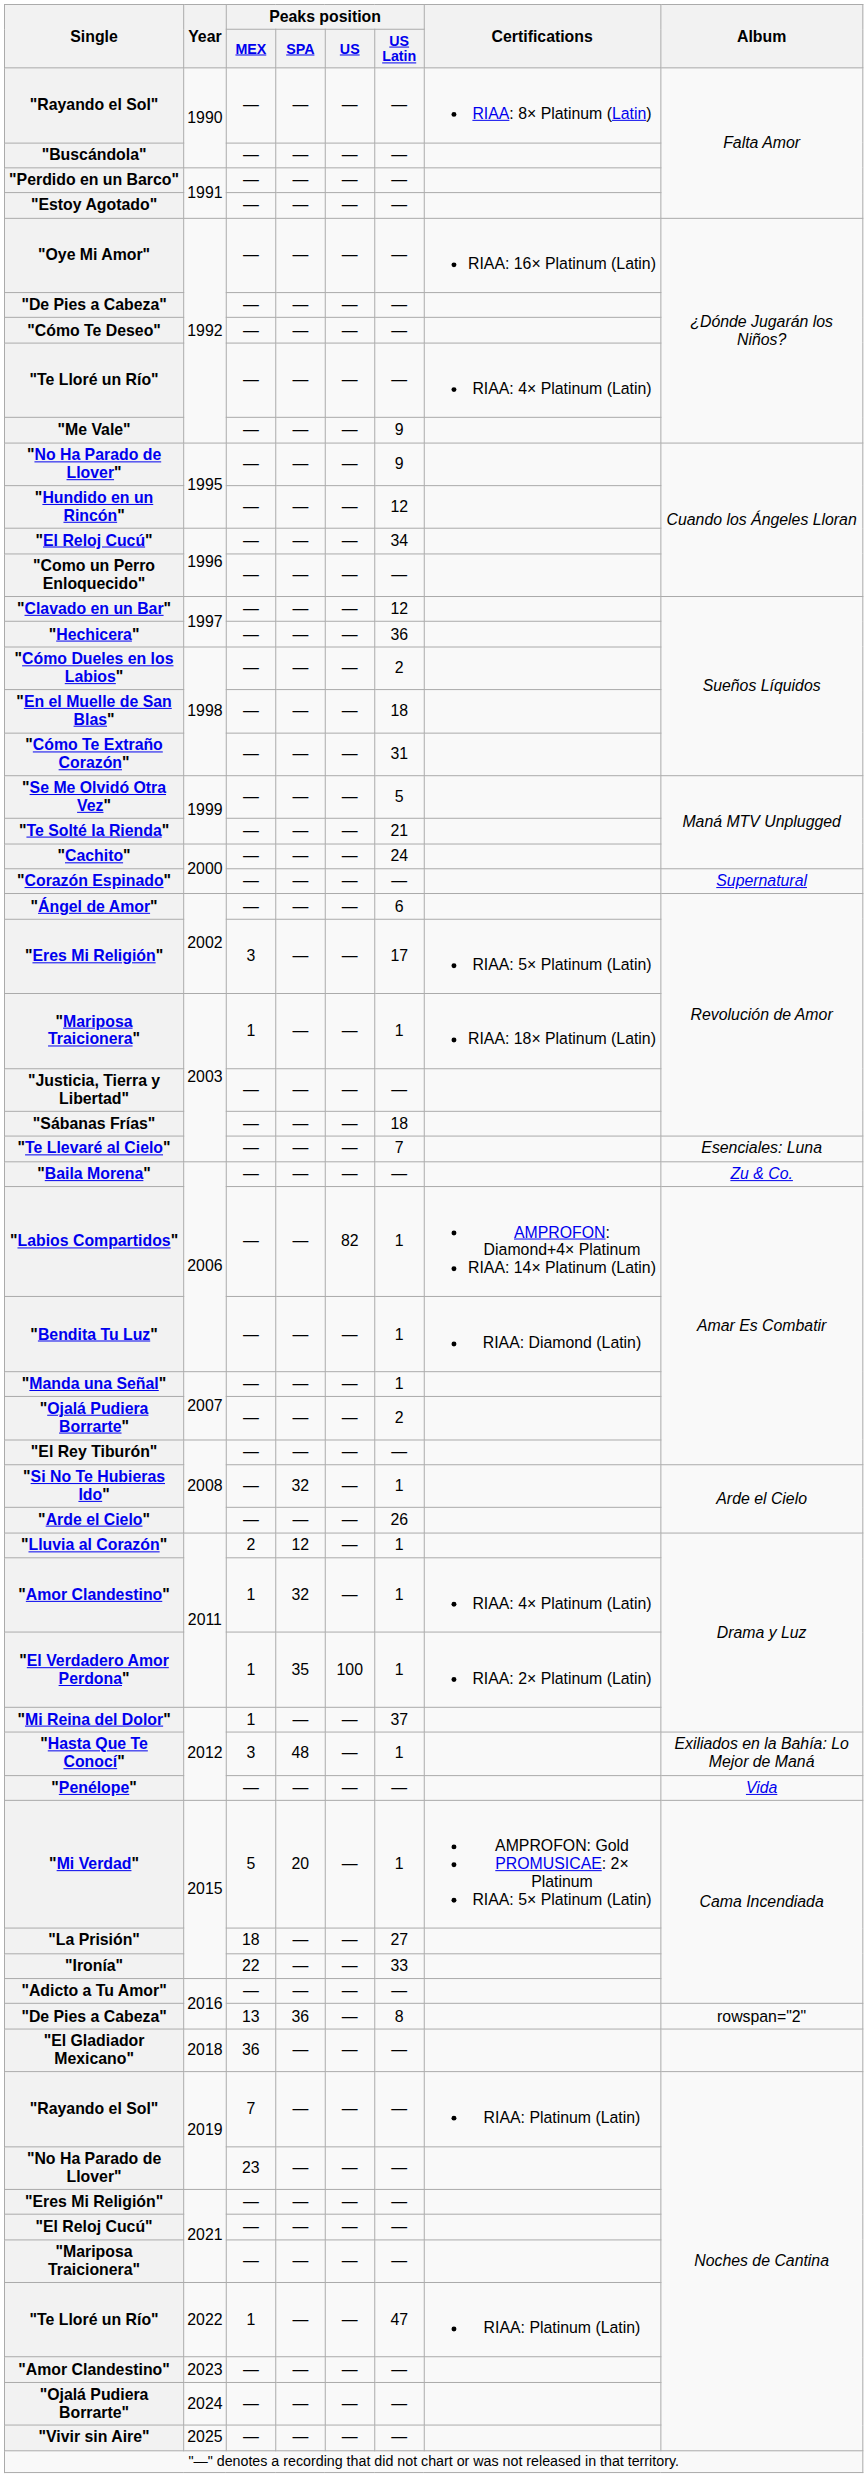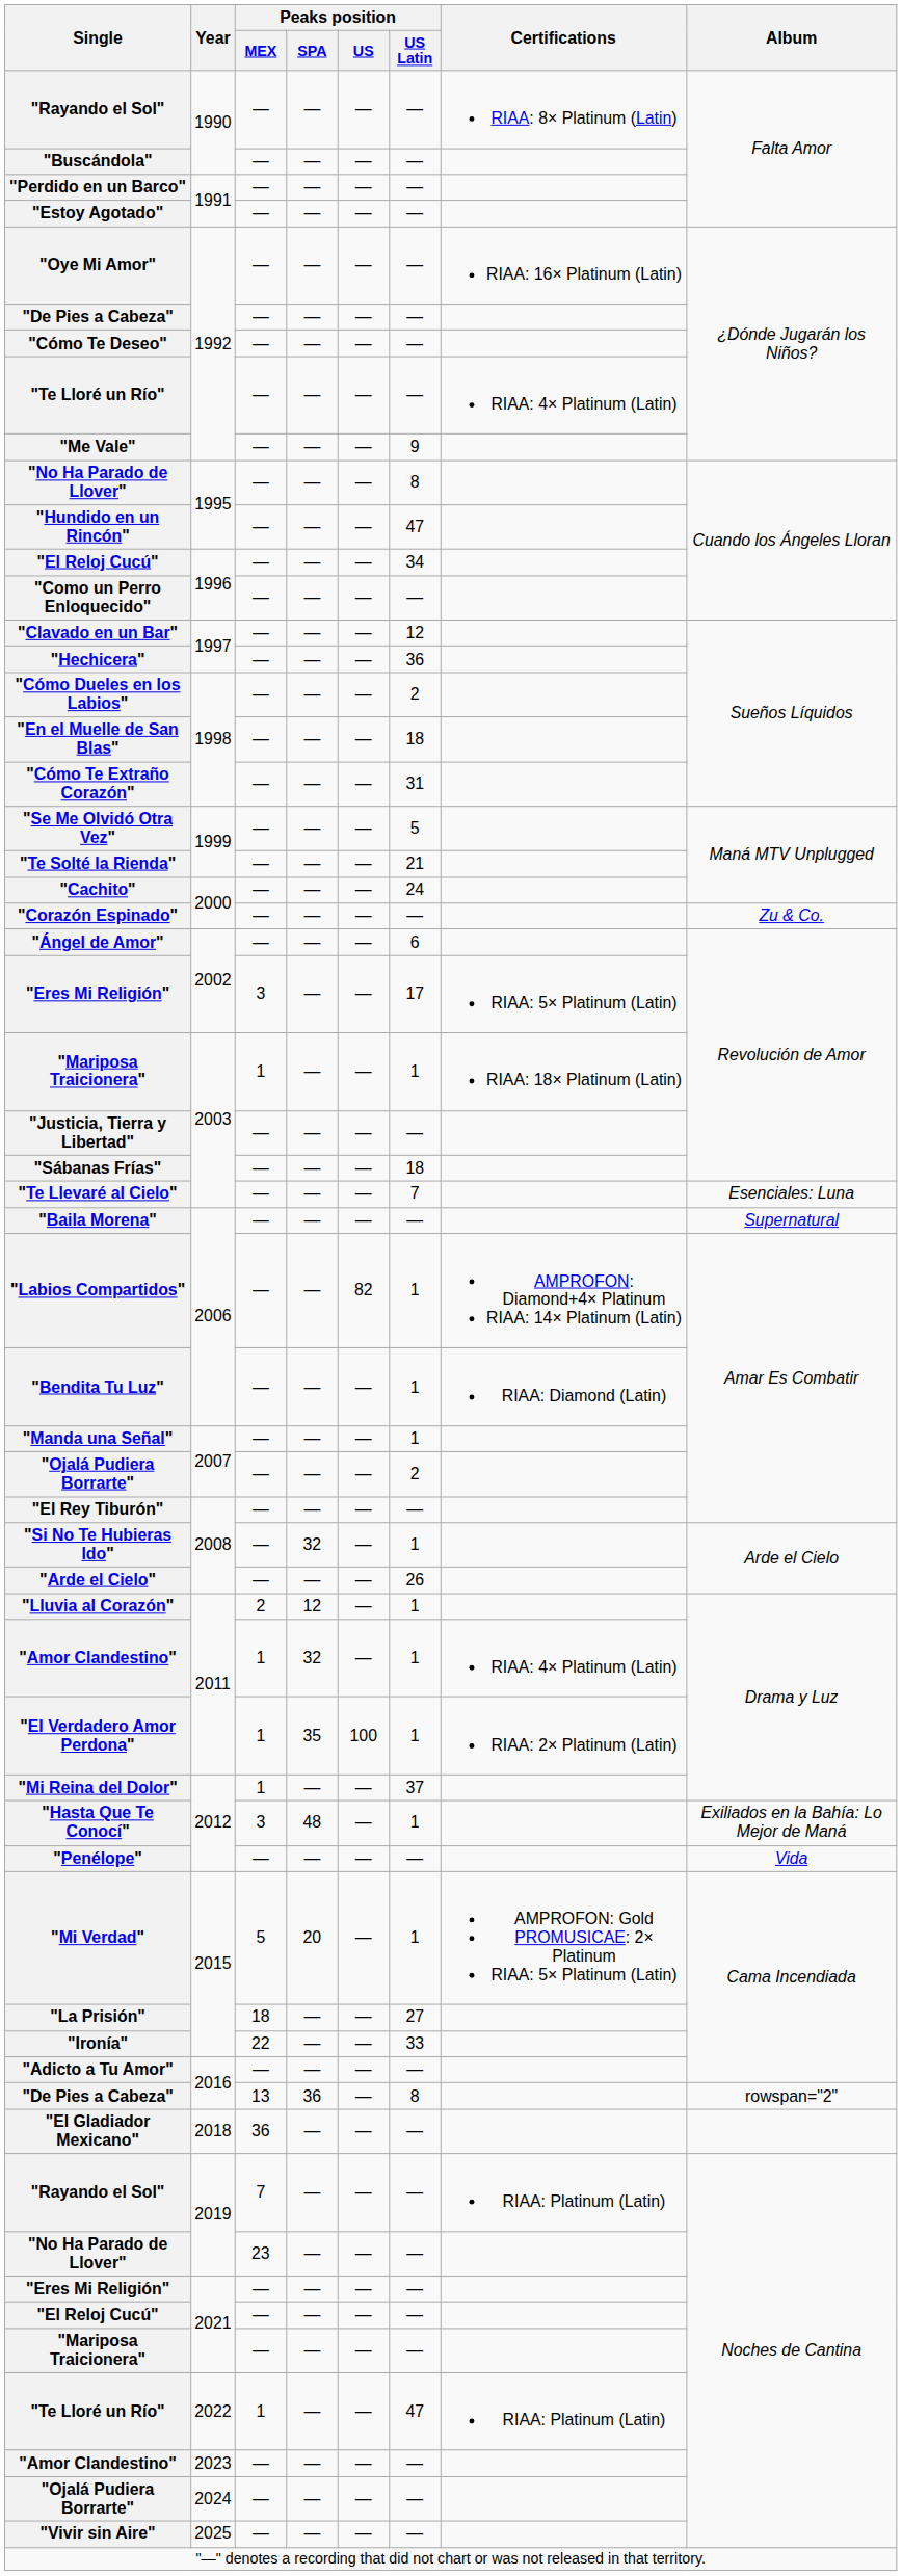 <table class="wikitable plainrowheaders" style="text-align:center;">
 <tr>
 <th align="center" rowspan="2">Single</th>
 <th align="center" rowspan="2">Year</th>
 <th align="center" colspan="4">Peaks position</th>
 <th align="center" rowspan="2">Certifications</th>
 <th align="center" rowspan="2">Album</th>
 </tr>
 <tr>
 <th style="width:3em;font-size:90%;"><a href='#'>MEX</a><br></th>
 <th style="width:3em;font-size:90%;"><a href='#'>SPA</a><br></th>
 <th style="width:3em;font-size:90%;"><a href='#'>US</a><br></th>
 <th style="width:3em;font-size:90%;"><a href='#'>US Latin</a><br></th>
 </tr>
 <tr>
 <th scope="row">"Rayando el Sol"</th>
 <td align="center" rowspan="2">1990</td>
 <td>—</td>
 <td>—</td>
 <td>—</td>
 <td>—</td>
 <td><br><ul><li><a href='#'>RIAA</a>: 8× Platinum (<a href='#'>Latin</a>)</li></ul></td>
 <td align="center" rowspan="4"><em>Falta Amor</em></td>
 </tr>
 <tr>
 <th scope="row">"Buscándola"</th>
 <td>—</td>
 <td>—</td>
 <td>—</td>
 <td>—</td>
 <td></td>
 </tr>
 <tr>
 <th scope="row">"Perdido en un Barco"</th>
 <td align="center" rowspan="2">1991</td>
 <td>—</td>
 <td>—</td>
 <td>—</td>
 <td>—</td>
 <td></td>
 </tr>
 <tr>
 <th scope="row">"Estoy Agotado"</th>
 <td>—</td>
 <td>—</td>
 <td>—</td>
 <td>—</td>
 <td></td>
 </tr>
 <tr>
 <th scope="row">"Oye Mi Amor"</th>
 <td align="center" rowspan="5">1992</td>
 <td>—</td>
 <td>—</td>
 <td>—</td>
 <td>—</td>
 <td><br><ul><li>RIAA: 16× Platinum (Latin)</li></ul></td>
 <td align="center" rowspan="5"><em>¿Dónde Jugarán los Niños?</em></td>
 </tr>
 <tr>
 <th scope="row">"De Pies a Cabeza"</th>
 <td>—</td>
 <td>—</td>
 <td>—</td>
 <td>—</td>
 <td></td>
 </tr>
 <tr>
 <th scope="row">"Cómo Te Deseo"</th>
 <td>—</td>
 <td>—</td>
 <td>—</td>
 <td>—</td>
 <td></td>
 </tr>
 <tr>
 <th scope="row">"Te Lloré un Río"</th>
 <td>—</td>
 <td>—</td>
 <td>—</td>
 <td>—</td>
 <td><br><ul><li>RIAA: 4× Platinum (Latin)</li></ul></td>
 </tr>
 <tr>
 <th scope="row">"Me Vale"</th>
 <td>—</td>
 <td>—</td>
 <td>—</td>
 <td>9</td>
 <td></td>
 </tr>
 <tr>
 <th scope="row">"<a href='#'>No Ha Parado de Llover</a>"</th>
 <td rowspan="2">1995</td>
 <td>—</td>
 <td>—</td>
 <td>—</td>
-<td>9</td>
+<td>8</td>
 <td></td>
 <td align="center" rowspan="4"><em>Cuando los Ángeles Lloran</em></td>
 </tr>
 <tr>
 <th scope="row">"<a href='#'>Hundido en un Rincón</a>"</th>
 <td>—</td>
 <td>—</td>
 <td>—</td>
-<td>12</td>
+<td>47</td>
 <td></td>
 </tr>
 <tr>
 <th scope="row">"<a href='#'>El Reloj Cucú</a>"</th>
 <td align="center" rowspan="2">1996</td>
 <td>—</td>
 <td>—</td>
 <td>—</td>
 <td>34</td>
 <td></td>
 </tr>
 <tr>
 <th scope="row">"Como un Perro Enloquecido"</th>
 <td>—</td>
 <td>—</td>
 <td>—</td>
 <td>—</td>
 <td></td>
 </tr>
 <tr>
 <th scope="row">"<a href='#'>Clavado en un Bar</a>"</th>
 <td align="center" rowspan="2">1997</td>
 <td>—</td>
 <td>—</td>
 <td>—</td>
 <td>12</td>
 <td></td>
 <td align="center" rowspan="5"><em>Sueños Líquidos</em></td>
 </tr>
 <tr>
 <th scope="row">"<a href='#'>Hechicera</a>"</th>
 <td>—</td>
 <td>—</td>
 <td>—</td>
 <td>36</td>
 <td></td>
 </tr>
 <tr>
 <th scope="row">"<a href='#'>Cómo Dueles en los Labios</a>"</th>
 <td align="center" rowspan="3">1998</td>
 <td>—</td>
 <td>—</td>
 <td>—</td>
 <td>2</td>
 <td></td>
 </tr>
 <tr>
 <th scope="row">"<a href='#'>En el Muelle de San Blas</a>"</th>
 <td>—</td>
 <td>—</td>
 <td>—</td>
 <td>18</td>
 <td></td>
 </tr>
 <tr>
 <th scope="row">"<a href='#'>Cómo Te Extraño Corazón</a>"</th>
 <td>—</td>
 <td>—</td>
 <td>—</td>
 <td>31</td>
 <td></td>
 </tr>
 <tr>
 <th scope="row">"<a href='#'>Se Me Olvidó Otra Vez</a>"</th>
 <td align="center" rowspan="2">1999</td>
 <td>—</td>
 <td>—</td>
 <td>—</td>
 <td>5</td>
 <td></td>
 <td align="center" rowspan="3"><em>Maná MTV Unplugged</em></td>
 </tr>
 <tr>
 <th scope="row">"<a href='#'>Te Solté la Rienda</a>"</th>
 <td>—</td>
 <td>—</td>
 <td>—</td>
 <td>21</td>
 <td></td>
 </tr>
 <tr>
 <th scope="row">"<a href='#'>Cachito</a>"</th>
 <td align="center" rowspan="2">2000</td>
 <td>—</td>
 <td>—</td>
 <td>—</td>
 <td>24</td>
 <td></td>
 </tr>
 <tr>
 <th scope="row">"<a href='#'>Corazón Espinado</a>"<br></th>
 <td>—</td>
 <td>—</td>
 <td>—</td>
 <td>—</td>
 <td></td>
-<td align="center"><em><a href='#'>Supernatural</a></em></td>
+<td align="center"><em><a href='#'>Zu & Co.</a></em></td>
 </tr>
 <tr>
 <th scope="row">"<a href='#'>Ángel de Amor</a>"</th>
 <td align="center" rowspan="2">2002</td>
 <td>—</td>
 <td>—</td>
 <td>—</td>
 <td>6</td>
 <td></td>
 <td align="center" rowspan="5"><em>Revolución de Amor</em></td>
 </tr>
 <tr>
 <th scope="row">"<a href='#'>Eres Mi Religión</a>"</th>
 <td>3</td>
 <td>—</td>
 <td>—</td>
 <td>17</td>
 <td><br><ul><li>RIAA: 5× Platinum (Latin)</li></ul></td>
 </tr>
 <tr>
 <th scope="row">"<a href='#'>Mariposa Traicionera</a>"</th>
 <td align="center" rowspan="4">2003</td>
 <td>1</td>
 <td>—</td>
 <td>—</td>
 <td>1</td>
 <td><br><ul><li>RIAA: 18× Platinum (Latin)</li></ul></td>
 </tr>
 <tr>
 <th scope="row">"Justicia, Tierra y Libertad"</th>
 <td>—</td>
 <td>—</td>
 <td>—</td>
 <td>—</td>
 <td></td>
 </tr>
 <tr>
 <th scope="row">"Sábanas Frías"<br></th>
 <td>—</td>
 <td>—</td>
 <td>—</td>
 <td>18</td>
 <td></td>
 </tr>
 <tr>
 <th scope="row">"<a href='#'>Te Llevaré al Cielo</a>"</th>
 <td>—</td>
 <td>—</td>
 <td>—</td>
 <td>7</td>
 <td></td>
 <td align="center"><em>Esenciales: Luna</em></td>
 </tr>
 <tr>
 <th scope="row">"<a href='#'>Baila Morena</a>"<br></th>
 <td align="center" rowspan="3">2006</td>
 <td>—</td>
 <td>—</td>
 <td>—</td>
 <td>—</td>
 <td></td>
-<td align="center"><em><a href='#'>Zu & Co.</a></em></td>
+<td align="center"><em><a href='#'>Supernatural</a></em></td>
 </tr>
 <tr>
 <th scope="row">"<a href='#'>Labios Compartidos</a>"</th>
 <td>—</td>
 <td>—</td>
 <td>82</td>
 <td>1</td>
 <td><br><ul><li><a href='#'>AMPROFON</a>: Diamond+4× Platinum</li><li>RIAA: 14× Platinum (Latin)</li></ul></td>
 <td align="center" rowspan="5"><em>Amar Es Combatir</em></td>
 </tr>
 <tr>
 <th scope="row">"<a href='#'>Bendita Tu Luz</a>"<br></th>
 <td>—</td>
 <td>—</td>
 <td>—</td>
 <td>1</td>
 <td><br><ul><li>RIAA: Diamond (Latin)</li></ul></td>
 </tr>
 <tr>
 <th scope="row">"<a href='#'>Manda una Señal</a>"</th>
 <td align="center" rowspan="2">2007</td>
 <td>—</td>
 <td>—</td>
 <td>—</td>
 <td>1</td>
 <td></td>
 </tr>
 <tr>
 <th scope="row">"<a href='#'>Ojalá Pudiera Borrarte</a>"</th>
 <td>—</td>
 <td>—</td>
 <td>—</td>
 <td>2</td>
 <td></td>
 </tr>
 <tr>
 <th scope="row">"El Rey Tiburón"</th>
 <td align="center" rowspan="3">2008</td>
 <td>—</td>
 <td>—</td>
 <td>—</td>
 <td>—</td>
 <td></td>
 </tr>
 <tr>
 <th scope="row">"<a href='#'>Si No Te Hubieras Ido</a>"</th>
 <td>—</td>
 <td>32</td>
 <td>—</td>
 <td>1</td>
 <td></td>
 <td align="center" rowspan="2"><em>Arde el Cielo</em></td>
 </tr>
 <tr>
 <th scope="row">"<a href='#'>Arde el Cielo</a>"</th>
 <td>—</td>
 <td>—</td>
 <td>—</td>
 <td>26</td>
 <td></td>
 </tr>
 <tr>
 <th scope="row">"<a href='#'>Lluvia al Corazón</a>"</th>
 <td align="center" rowspan="3">2011</td>
 <td>2</td>
 <td>12</td>
 <td>—</td>
 <td>1</td>
 <td></td>
 <td align="center" rowspan="4"><em>Drama y Luz</em></td>
 </tr>
 <tr>
 <th scope="row">"<a href='#'>Amor Clandestino</a>"</th>
 <td>1</td>
 <td>32</td>
 <td>—</td>
 <td>1</td>
 <td><br><ul><li>RIAA: 4× Platinum (Latin)</li></ul></td>
 </tr>
 <tr>
 <th scope="row">"<a href='#'>El Verdadero Amor Perdona</a>"<br></th>
 <td>1</td>
 <td>35</td>
 <td>100</td>
 <td>1</td>
 <td><br><ul><li>RIAA: 2× Platinum (Latin)</li></ul></td>
 </tr>
 <tr>
 <th scope="row">"<a href='#'>Mi Reina del Dolor</a>"</th>
 <td align="center" rowspan="3">2012</td>
 <td>1</td>
 <td>—</td>
 <td>—</td>
 <td>37</td>
 <td></td>
 </tr>
 <tr>
 <th scope="row">"<a href='#'>Hasta Que Te Conocí</a>"</th>
 <td>3</td>
 <td>48</td>
 <td>—</td>
 <td>1</td>
 <td></td>
 <td align="center"><em>Exiliados en la Bahía: Lo Mejor de Maná</em></td>
 </tr>
 <tr>
 <th scope="row">"<a href='#'>Penélope</a>"<br></th>
 <td>—</td>
 <td>—</td>
 <td>—</td>
 <td>—</td>
 <td></td>
 <td align="center"><em><a href='#'>Vida</a></em></td>
 </tr>
 <tr>
 <th scope="row">"<a href='#'>Mi Verdad</a>"<br></th>
 <td rowspan="3">2015</td>
 <td>5</td>
 <td>20</td>
 <td>—</td>
 <td>1</td>
 <td><br><ul><li>AMPROFON: Gold</li><li><a href='#'>PROMUSICAE</a>: 2× Platinum</li><li>RIAA: 5× Platinum (Latin)</li></ul></td>
 <td rowspan="4"><em>Cama Incendiada</em></td>
 </tr>
 <tr>
 <th scope="row">"La Prisión"</th>
 <td>18</td>
 <td>—</td>
 <td>—</td>
 <td>27</td>
 <td></td>
 </tr>
 <tr>
 <th scope="row">"Ironía"</th>
 <td>22</td>
 <td>—</td>
 <td>—</td>
 <td>33</td>
 <td></td>
 </tr>
 <tr>
 <th scope="row">"Adicto a Tu Amor"</th>
 <td rowspan="2">2016</td>
 <td>—</td>
 <td>—</td>
 <td>—</td>
 <td>—</td>
 <td></td>
 </tr>
 <tr>
 <th scope="row">"De Pies a Cabeza"<br></th>
 <td>13</td>
 <td>36</td>
 <td>—</td>
 <td>8</td>
 <td></td>
 <td>rowspan="2" </td>
 </tr>
 <tr>
 <th scope="row">"El Gladiador Mexicano"</th>
 <td>2018</td>
 <td>36</td>
 <td>—</td>
 <td>—</td>
 <td>—</td>
 <td></td>
 </tr>
 <tr>
 <th scope="row">"Rayando el Sol"<br></th>
 <td align="center" rowspan="2">2019</td>
 <td>7</td>
 <td>—</td>
 <td>—</td>
 <td>—</td>
 <td><br><ul><li>RIAA: Platinum (Latin)</li></ul></td>
 <td rowspan="9"><em>Noches de Cantina</em></td>
 </tr>
 <tr>
 <th scope="row">"No Ha Parado de Llover"<br></th>
 <td>23</td>
 <td>—</td>
 <td>—</td>
 <td>—</td>
 <td></td>
 </tr>
 <tr>
 <th scope="row">"Eres Mi Religión" <br></th>
 <td align="center" rowspan="3">2021</td>
 <td>—</td>
 <td>—</td>
 <td>—</td>
 <td>—</td>
 <td></td>
 </tr>
 <tr>
 <th scope="row">"El Reloj Cucú" <br></th>
 <td>—</td>
 <td>—</td>
 <td>—</td>
 <td>—</td>
 <td></td>
 </tr>
 <tr>
 <th scope="row">"Mariposa Traicionera" <br></th>
 <td>—</td>
 <td>—</td>
 <td>—</td>
 <td>—</td>
 <td></td>
 </tr>
 <tr>
 <th scope="row">"Te Lloré un Río"<br></th>
 <td>2022</td>
 <td>1</td>
 <td>—</td>
 <td>—</td>
 <td>47</td>
 <td><br><ul><li>RIAA: Platinum (Latin)</li></ul></td>
 </tr>
 <tr>
 <th scope="row">"Amor Clandestino" <br></th>
 <td>2023</td>
 <td>—</td>
 <td>—</td>
 <td>—</td>
 <td>—</td>
 <td></td>
 </tr>
 <tr>
 <th scope="row">"Ojalá Pudiera Borrarte" <br></th>
 <td>2024</td>
 <td>—</td>
 <td>—</td>
 <td>—</td>
 <td>—</td>
 <td></td>
 </tr>
 <tr>
 <th scope="row">"Vivir sin Aire" <br></th>
 <td>2025</td>
 <td>—</td>
 <td>—</td>
 <td>—</td>
 <td>—</td>
 <td></td>
 </tr>
 <tr>
 <td colspan="11" align="center" style="font-size:90%">"—" denotes a recording that did not chart or was not released in that territory.</td>
 </tr>
 </table>
